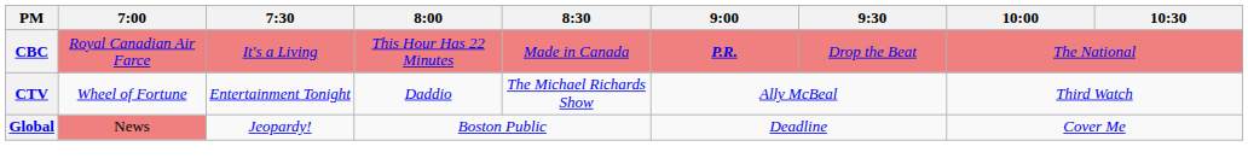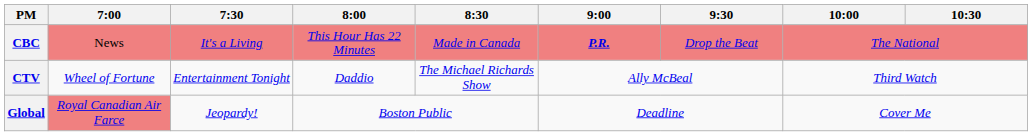 <table class="wikitable" width="100%">
 <tr>
 <th width="4%">PM</th>
 <th width="12%">7:00</th>
 <th width="12%">7:30</th>
 <th width="12%">8:00</th>
 <th width="12%">8:30</th>
 <th width="12%">9:00</th>
 <th width="12%">9:30</th>
 <th width="12%">10:00</th>
 <th width="12%">10:30</th>
 </tr>
 <tr align="center">
 <th><a href='#'>CBC</a></th>
-<td colspan="1" align="center" bgcolor="#F08080"><em><a href='#'>Royal Canadian Air Farce</a></em></td>
+<td colspan="1" align="center" bgcolor="#F08080">News</td>
 <td colspan="1" align="center" bgcolor="#F08080"><em><a href='#'>It's a Living</a></em></td>
 <td colspan="1" align="center" bgcolor="#F08080"><em><a href='#'>This Hour Has 22 Minutes</a></em></td>
 <td colspan="1" align="center" bgcolor="#F08080"><em><a href='#'>Made in Canada</a></em></td>
 <td colspan="1" align="center" bgcolor="#F08080"><strong><em><a href='#'>P.R.</a></em></strong></td>
 <td colspan="1" align="center" bgcolor="#F08080"><em><a href='#'>Drop the Beat</a></em></td>
 <td colspan="2" align="center" bgcolor="#F08080"><em><a href='#'>The National</a></em></td>
 </tr>
 <tr align="center">
 <th><a href='#'>CTV</a></th>
 <td colspan="1" align="center"><em><a href='#'>Wheel of Fortune</a></em></td>
 <td colspan="1" align="center"><em><a href='#'>Entertainment Tonight</a></em></td>
 <td colspan="1" align="center"><em><a href='#'>Daddio</a></em></td>
 <td colspan="1" align="center"><em><a href='#'>The Michael Richards Show</a></em></td>
 <td colspan="2" align="center"><em><a href='#'>Ally McBeal</a></em></td>
 <td colspan="2" align="center"><em><a href='#'>Third Watch</a></em></td>
 </tr>
 <tr align="center">
 <th><a href='#'>Global</a></th>
-<td colspan="1" align="center" bgcolor="#F08080">News</td>
+<td colspan="1" align="center" bgcolor="#F08080"><em><a href='#'>Royal Canadian Air Farce</a></em></td>
 <td colspan="1" align="center"><em><a href='#'>Jeopardy!</a></em></td>
 <td colspan="2" align="center"><em><a href='#'>Boston Public</a></em></td>
 <td colspan="2" align="center"><em><a href='#'>Deadline</a></em></td>
 <td colspan="2" align="center"><em><a href='#'>Cover Me</a></em></td>
 </tr>
 </table>
